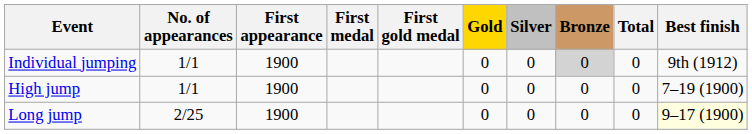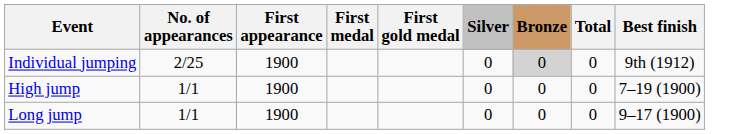 <table class="wikitable sortable" style="text-align:center">
 <tr>
 <th>Event</th>
 <th>No. of<br>appearances</th>
 <th>First<br>appearance</th>
 <th>First<br>medal</th>
 <th>First<br>gold medal</th>
-<th style="background-color:gold;">Gold</th>
 <th style="background-color:silver;">Silver</th>
 <th style="background-color:#c96;">Bronze</th>
 <th>Total</th>
 <th>Best finish</th>
 </tr>
 <tr>
 <td align=left><a href='#'>Individual jumping</a></td>
-<td>1/1</td>
+<td>2/25</td>
 <td>1900</td>
 <td></td>
 <td></td>
-<td>0</td>
 <td>0</td>
 <td style="background: lightgrey;">0</td>
 <td>0</td>
 <td>9th (1912)</td>
 </tr>
 <tr>
 <td align=left><a href='#'>High jump</a></td>
 <td>1/1</td>
 <td>1900</td>
 <td></td>
 <td></td>
 <td>0</td>
 <td>0</td>
 <td>0</td>
-<td>0</td>
 <td>7–19 (1900)</td>
 </tr>
 <tr>
 <td align=left><a href='#'>Long jump</a></td>
-<td>2/25</td>
+<td>1/1</td>
 <td>1900</td>
 <td></td>
 <td></td>
 <td>0</td>
 <td>0</td>
 <td>0</td>
-<td>0</td>
-<td style="background: lightyellow;">9–17 (1900)</td>
+<td>9–17 (1900)</td>
 </tr>
 </table>
